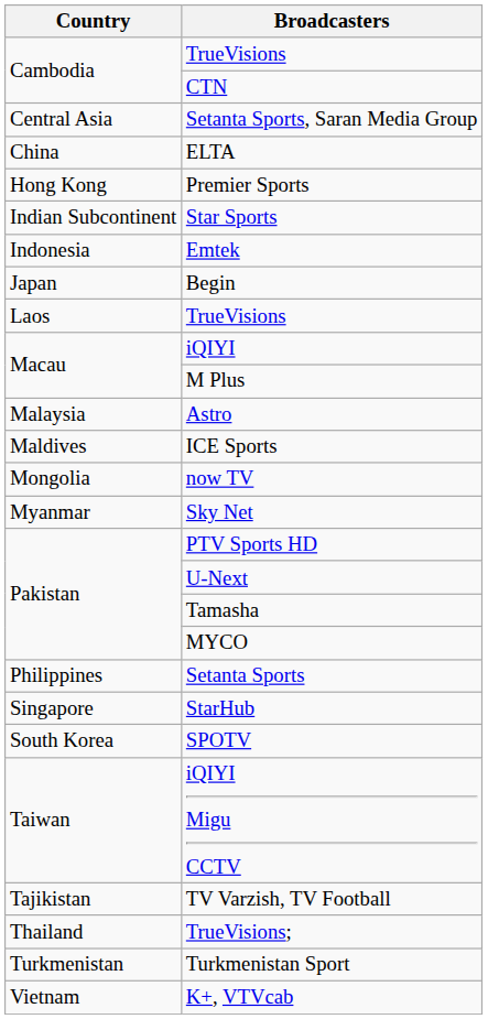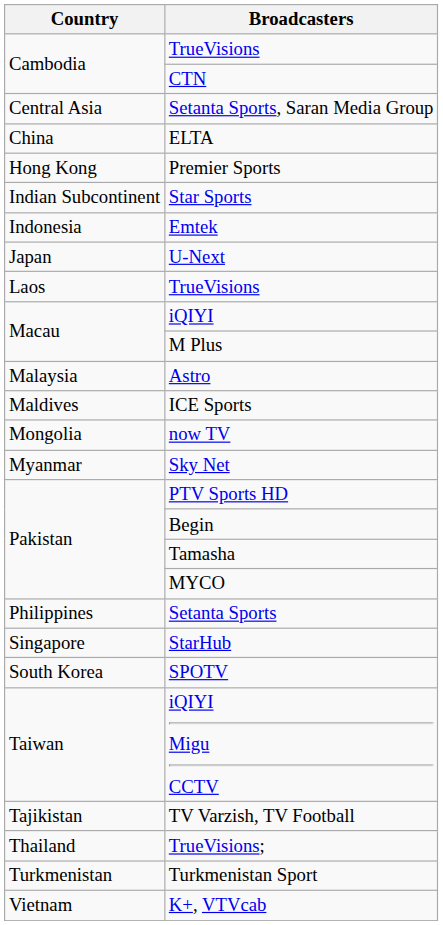 <table class="wikitable sortable">
 <tr>
 <th>Country</th>
 <th>Broadcasters</th>
 </tr>
 <tr>
 <td rowspan="2">Cambodia</td>
 <td><a href='#'>TrueVisions</a></td>
 </tr>
 <tr>
 <td><a href='#'>CTN</a></td>
 </tr>
 <tr>
 <td>Central Asia</td>
 <td><a href='#'>Setanta Sports</a>, Saran Media Group</td>
 </tr>
 <tr>
 <td>China</td>
 <td>ELTA</td>
 </tr>
 <tr>
 <td>Hong Kong</td>
 <td>Premier Sports</td>
 </tr>
 <tr>
 <td>Indian Subcontinent</td>
 <td><a href='#'>Star Sports</a></td>
 </tr>
 <tr>
 <td>Indonesia</td>
 <td><a href='#'>Emtek</a></td>
 </tr>
 <tr>
 <td>Japan</td>
-<td>Begin</td>
+<td><a href='#'>U-Next</a></td>
 </tr>
 <tr>
 <td>Laos</td>
 <td><a href='#'>TrueVisions</a></td>
 </tr>
 <tr>
 <td rowspan=2>Macau</td>
 <td><a href='#'>iQIYI</a></td>
 </tr>
 <tr>
 <td>M Plus</td>
 </tr>
 <tr>
 <td>Malaysia</td>
 <td><a href='#'>Astro</a></td>
 </tr>
 <tr>
 <td>Maldives</td>
 <td>ICE Sports</td>
 </tr>
 <tr>
 <td>Mongolia</td>
 <td><a href='#'>now TV</a></td>
 </tr>
 <tr>
 <td>Myanmar</td>
 <td><a href='#'>Sky Net</a></td>
 </tr>
 <tr>
 <td rowspan=4>Pakistan</td>
 <td><a href='#'>PTV Sports HD</a></td>
 </tr>
 <tr>
-<td><a href='#'>U-Next</a></td>
+<td>Begin</td>
 </tr>
 <tr>
 <td>Tamasha</td>
 </tr>
 <tr>
 <td>MYCO</td>
 </tr>
 <tr>
 <td>Philippines</td>
 <td><a href='#'>Setanta Sports</a></td>
 </tr>
 <tr>
 <td>Singapore</td>
 <td><a href='#'>StarHub</a></td>
 </tr>
 <tr>
 <td>South Korea</td>
 <td><a href='#'>SPOTV</a></td>
 </tr>
 <tr>
 <td>Taiwan</td>
 <td><a href='#'>iQIYI</a><hr><a href='#'>Migu</a><hr><a href='#'>CCTV</a></td>
 </tr>
 <tr>
 <td>Tajikistan</td>
 <td>TV Varzish, TV Football</td>
 </tr>
 <tr>
 <td>Thailand</td>
 <td><a href='#'>TrueVisions</a>;</td>
 </tr>
 <tr>
 <td>Turkmenistan</td>
 <td>Turkmenistan Sport</td>
 </tr>
 <tr>
 <td>Vietnam</td>
 <td><a href='#'>K+</a>, <a href='#'>VTVcab</a></td>
 </tr>
 </table>
